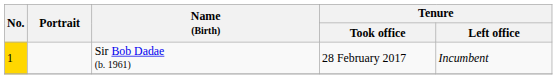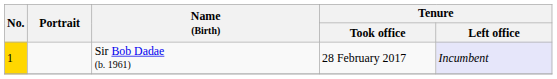 <table class="wikitable">
 <tr>
 <th scope="col" style="width:20px;" rowspan="2">No.</th>
 <th scope="col" style="width:80px;" rowspan="2">Portrait</th>
 <th scope="col" style="width:300px;" rowspan="2">Name<br><small>(Birth)</small></th>
 <th scope="col" style="width:300px;" colspan="2">Tenure</th>
 </tr>
 <tr>
 <th scope="col" style="width:150px;">Took office</th>
 <th scope="col" style="width:150px;">Left office</th>
 </tr>
 <tr>
 <td style="background: gold;">1</td>
 <td style="text-align: center;"></td>
 <td>Sir <a href='#'>Bob Dadae</a><br><small>(b. 1961)</small></td>
 <td>28 February 2017</td>
-<td><em>Incumbent</em></td>
+<td style="background: lavender;"><em>Incumbent</em></td>
 </tr>
 <tr>
 </tr>
 </table>
